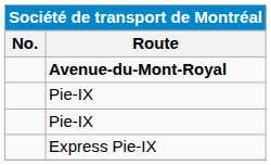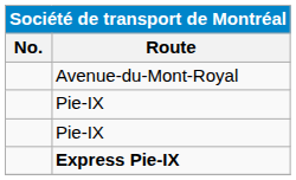 <table align=center class="wikitable">
 <tr>
 <th style="background: #0085CA; font-size:100%; color:#FFFFFF;"colspan="4">Société de transport de Montréal</th>
 </tr>
 <tr>
 <th>No.</th>
 <th>Route</th>
 </tr>
 <tr>
 <td {{Avoid wrap> </td>
-<td><strong>Avenue-du-Mont-Royal</strong></td>
+<td>Avenue-du-Mont-Royal</td>
 </tr>
 <tr>
 <td></td>
 <td>Pie-IX</td>
 </tr>
 <tr>
 <td {{Avoid wrap> </td>
 <td>Pie-IX</td>
 </tr>
 <tr>
 <td {{Avoid wrap> </td>
-<td>Express Pie-IX</td>
+<td><strong>Express Pie-IX</strong></td>
 </tr>
 <tr>
 </tr>
 </table>
